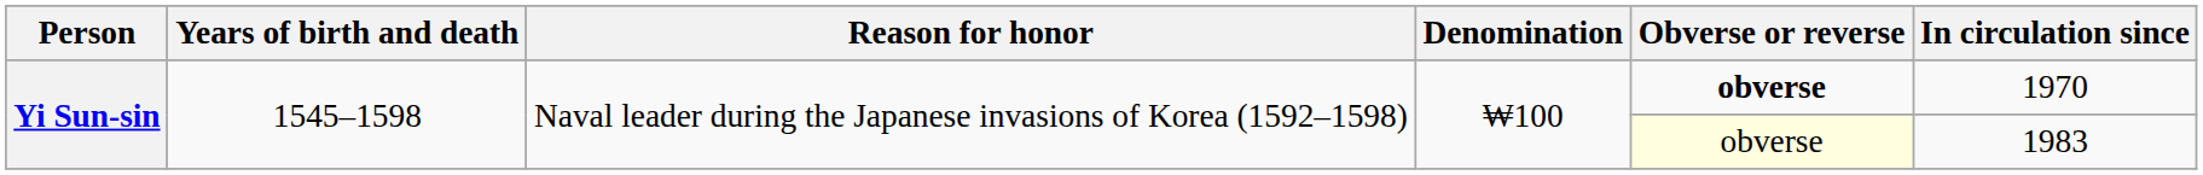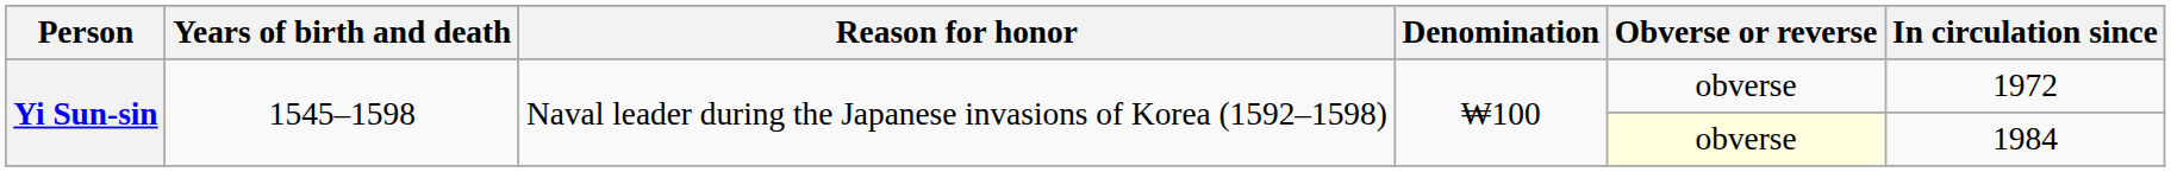 <table class="wikitable" style="font-size:95%; text-align:center;">
 <tr>
 <th>Person</th>
 <th>Years of birth and death</th>
 <th>Reason for honor</th>
 <th>Denomination</th>
 <th>Obverse or reverse</th>
 <th>In circulation since</th>
 </tr>
 <tr>
 <th rowspan="2"><a href='#'>Yi Sun-sin</a></th>
 <td rowspan="2">1545–1598</td>
 <td rowspan="2">Naval leader during the Japanese invasions of Korea (1592–1598)</td>
 <td rowspan="2">₩100</td>
-<td><strong>obverse</strong></td>
-<td>1970</td>
+<td>obverse</td>
+<td>1972</td>
 </tr>
 <tr>
 <td style="background: lightyellow;">obverse</td>
-<td>1983</td>
+<td>1984</td>
 </tr>
 </table>
